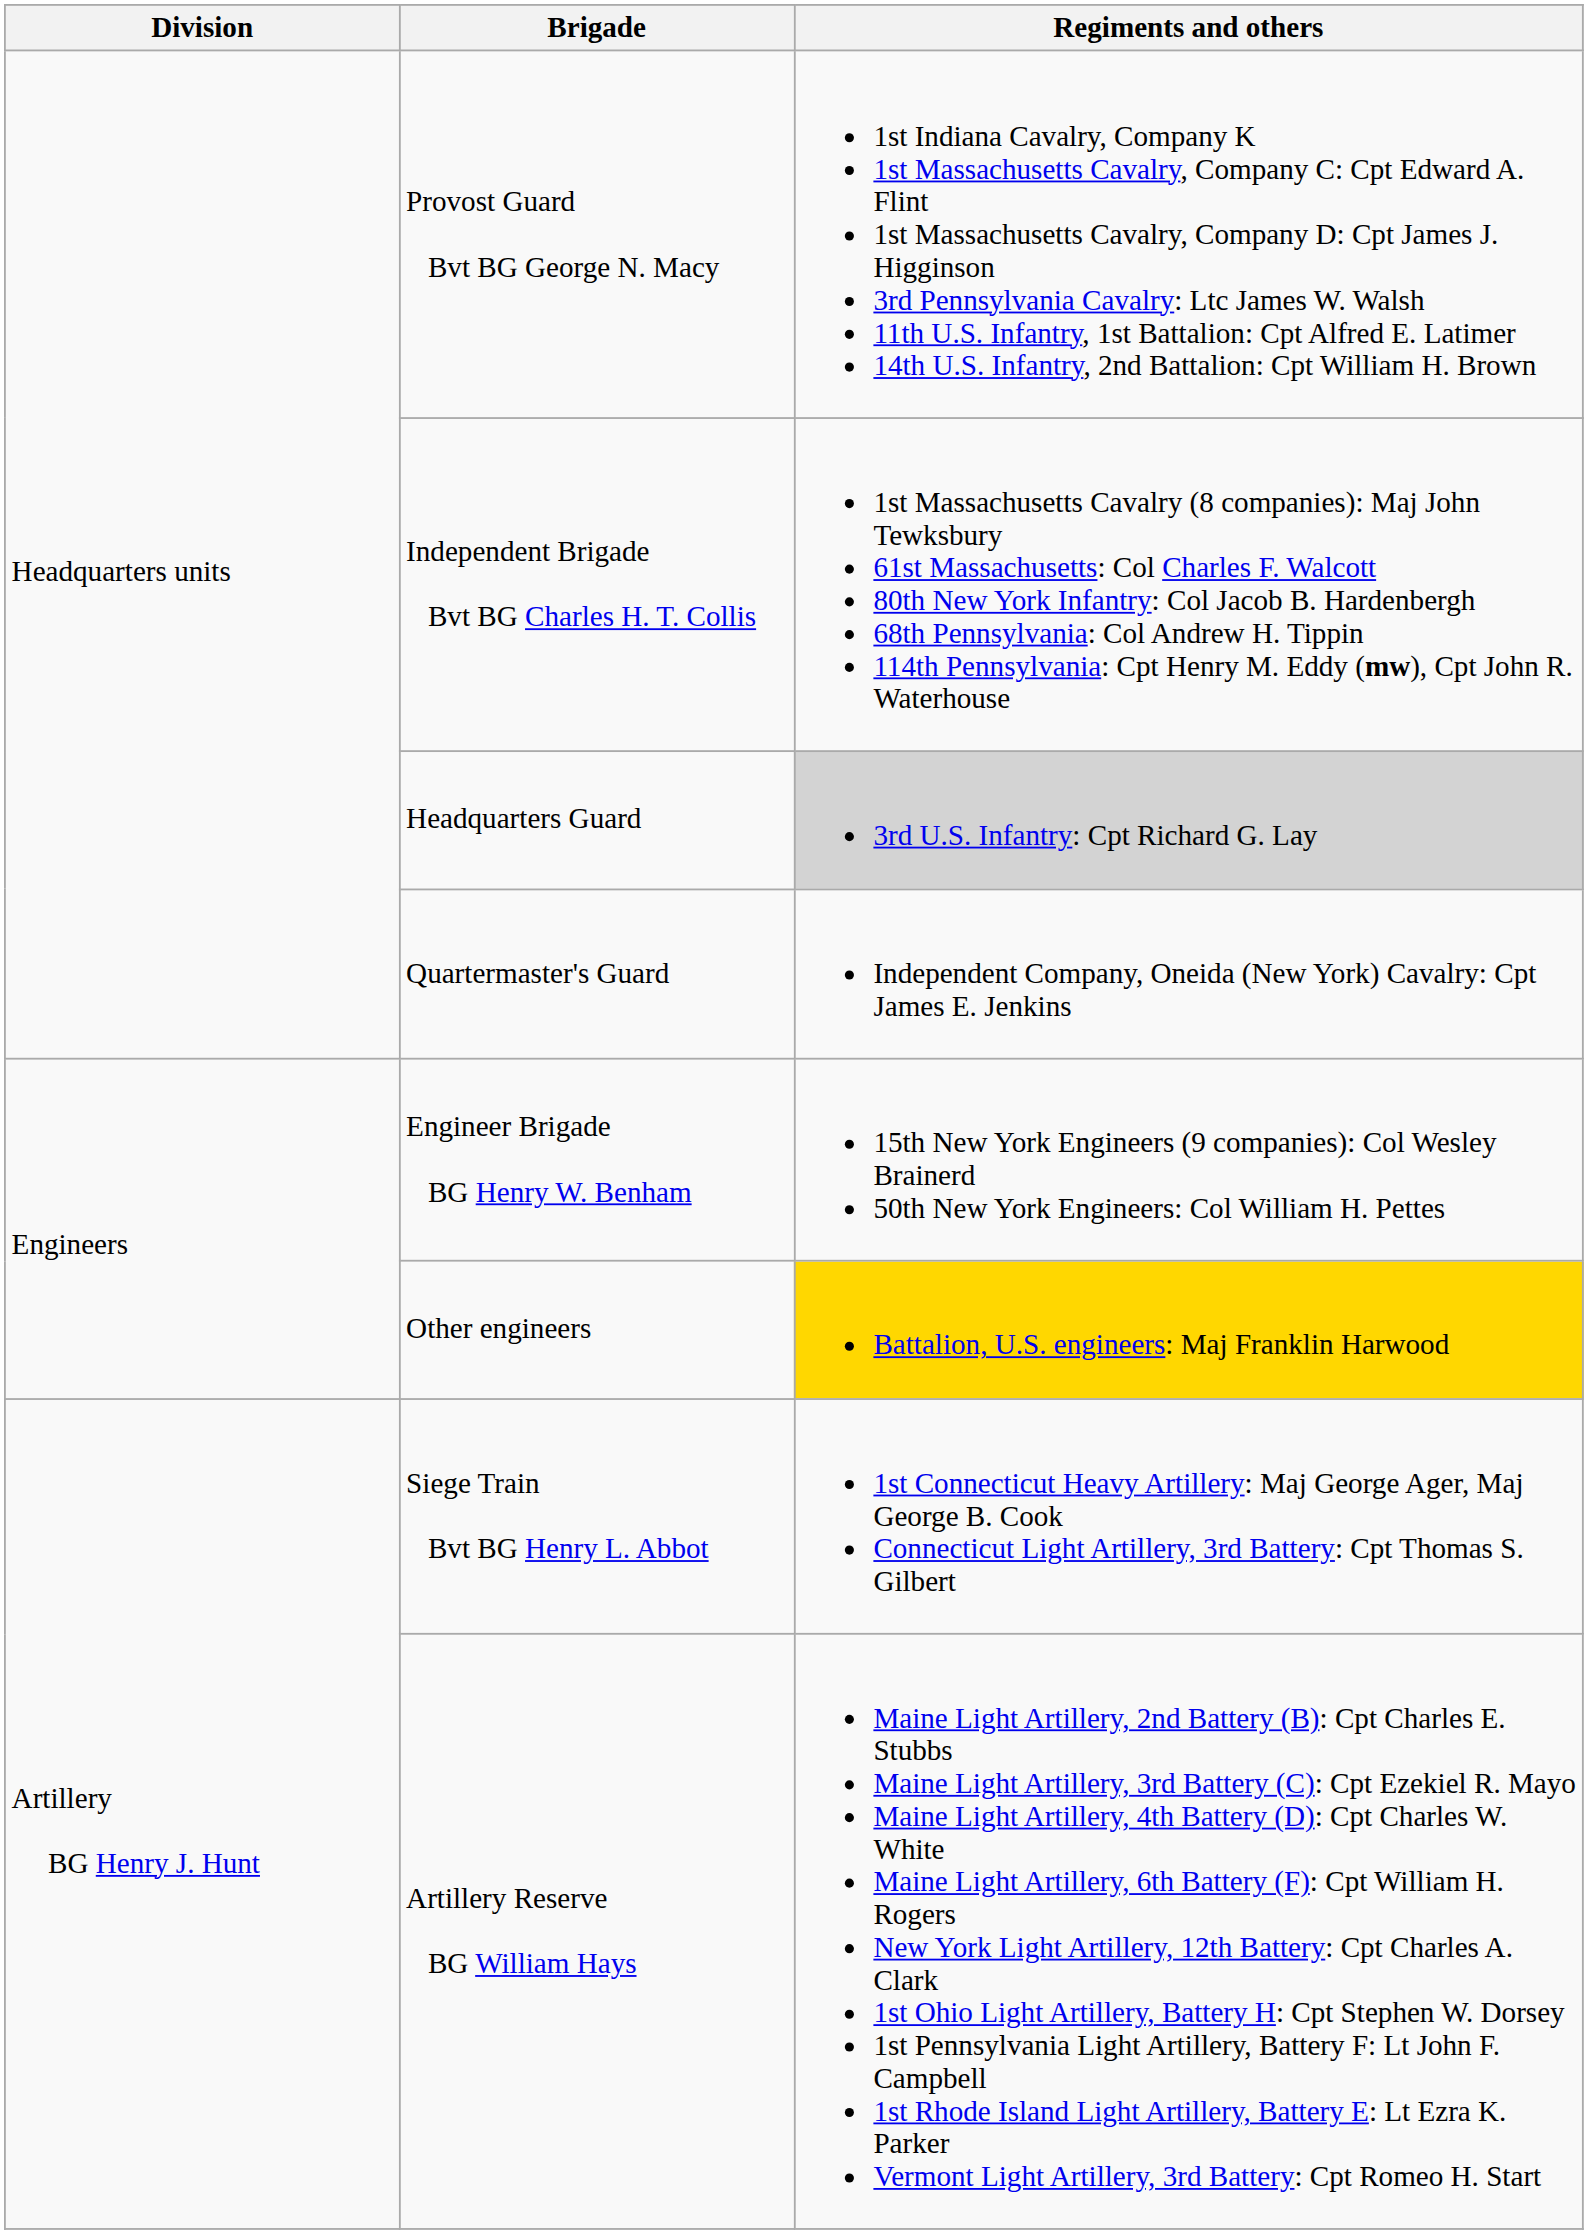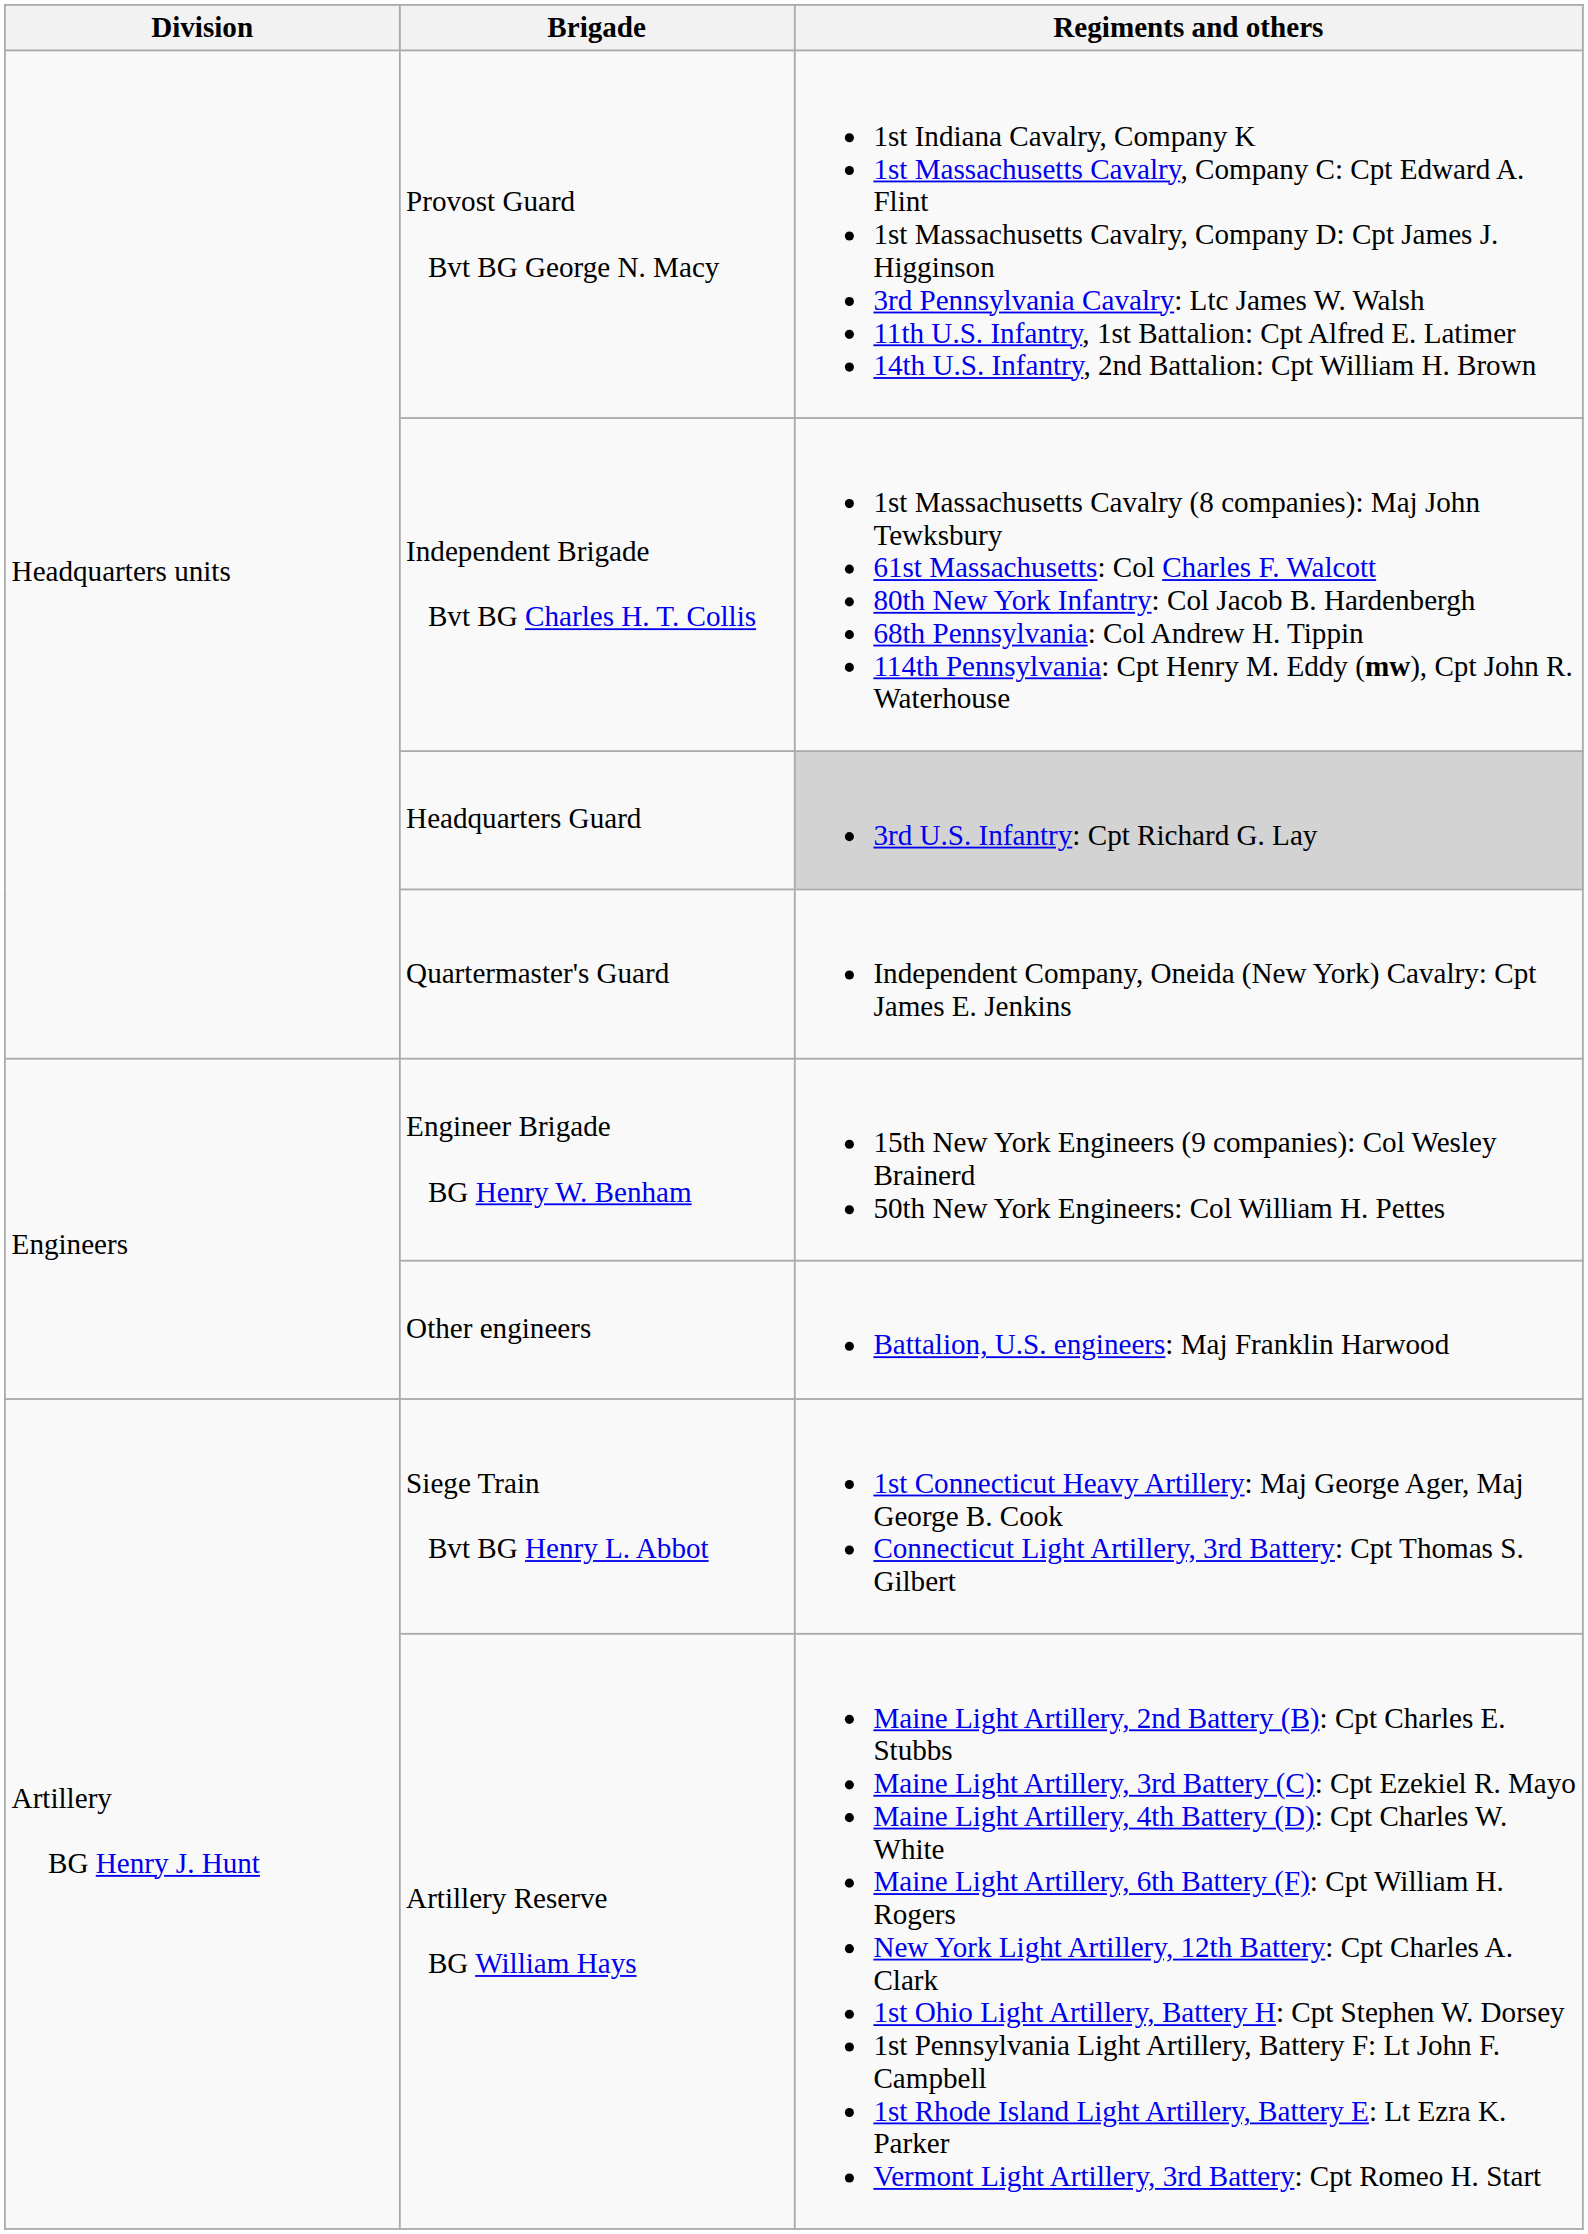 <table class="wikitable">
 <tr>
 <th style="width:25%;">Division</th>
 <th style="width:25%;">Brigade</th>
 <th>Regiments and others</th>
 </tr>
 <tr>
 <td rowspan=4><br>Headquarters units</td>
 <td>Provost Guard<br><br>   Bvt BG George N. Macy</td>
 <td><br><ul><li>1st Indiana Cavalry, Company K</li><li><a href='#'>1st Massachusetts Cavalry</a>, Company C: Cpt Edward A. Flint</li><li>1st Massachusetts Cavalry, Company D: Cpt James J. Higginson</li><li><a href='#'>3rd Pennsylvania Cavalry</a>: Ltc James W. Walsh</li><li><a href='#'>11th U.S. Infantry</a>, 1st Battalion: Cpt Alfred E. Latimer</li><li><a href='#'>14th U.S. Infantry</a>, 2nd Battalion: Cpt William H. Brown</li></ul></td>
 </tr>
 <tr>
 <td>Independent Brigade<br><br>   Bvt BG <a href='#'>Charles H. T. Collis</a></td>
 <td><br><ul><li>1st Massachusetts Cavalry (8 companies): Maj John Tewksbury</li><li><a href='#'>61st Massachusetts</a>: Col <a href='#'>Charles F. Walcott</a></li><li><a href='#'>80th New York Infantry</a>: Col Jacob B. Hardenbergh</li><li><a href='#'>68th Pennsylvania</a>: Col Andrew H. Tippin</li><li><a href='#'>114th Pennsylvania</a>: Cpt Henry M. Eddy (<strong>mw</strong>), Cpt John R. Waterhouse</li></ul></td>
 </tr>
 <tr>
 <td>Headquarters Guard</td>
 <td style="background: lightgrey;"><br><ul><li><a href='#'>3rd U.S. Infantry</a>: Cpt Richard G. Lay</li></ul></td>
 </tr>
 <tr>
 <td>Quartermaster's Guard</td>
 <td><br><ul><li>Independent Company, Oneida (New York) Cavalry: Cpt James E. Jenkins</li></ul></td>
 </tr>
 <tr>
 <td rowspan=2><br>Engineers</td>
 <td>Engineer Brigade<br><br>   BG <a href='#'>Henry W. Benham</a></td>
 <td><br><ul><li>15th New York Engineers (9 companies): Col Wesley Brainerd</li><li>50th New York Engineers: Col William H. Pettes</li></ul></td>
 </tr>
 <tr>
 <td>Other engineers</td>
-<td style="background: gold;"><br><ul><li><a href='#'>Battalion, U.S. engineers</a>: Maj Franklin Harwood</li></ul></td>
+<td><br><ul><li><a href='#'>Battalion, U.S. engineers</a>: Maj Franklin Harwood</li></ul></td>
 </tr>
 <tr>
 <td rowspan=2><br>Artillery<br><br>     BG <a href='#'>Henry J. Hunt</a></td>
 <td>Siege Train<br><br>   Bvt BG <a href='#'>Henry L. Abbot</a></td>
 <td><br><ul><li><a href='#'>1st Connecticut Heavy Artillery</a>: Maj George Ager, Maj George B. Cook</li><li><a href='#'>Connecticut Light Artillery, 3rd Battery</a>: Cpt Thomas S. Gilbert</li></ul></td>
 </tr>
 <tr>
 <td>Artillery Reserve<br><br>   BG <a href='#'>William Hays</a></td>
 <td><br><ul><li><a href='#'>Maine Light Artillery, 2nd Battery (B)</a>: Cpt Charles E. Stubbs</li><li><a href='#'>Maine Light Artillery, 3rd Battery (C)</a>: Cpt Ezekiel R. Mayo</li><li><a href='#'>Maine Light Artillery, 4th Battery (D)</a>: Cpt Charles W. White</li><li><a href='#'>Maine Light Artillery, 6th Battery (F)</a>: Cpt William H. Rogers</li><li><a href='#'>New York Light Artillery, 12th Battery</a>: Cpt Charles A. Clark</li><li><a href='#'>1st Ohio Light Artillery, Battery H</a>: Cpt Stephen W. Dorsey</li><li>1st Pennsylvania Light Artillery, Battery F: Lt John F. Campbell</li><li><a href='#'>1st Rhode Island Light Artillery, Battery E</a>: Lt Ezra K. Parker</li><li><a href='#'>Vermont Light Artillery, 3rd Battery</a>: Cpt Romeo H. Start</li></ul></td>
 </tr>
 </table>
